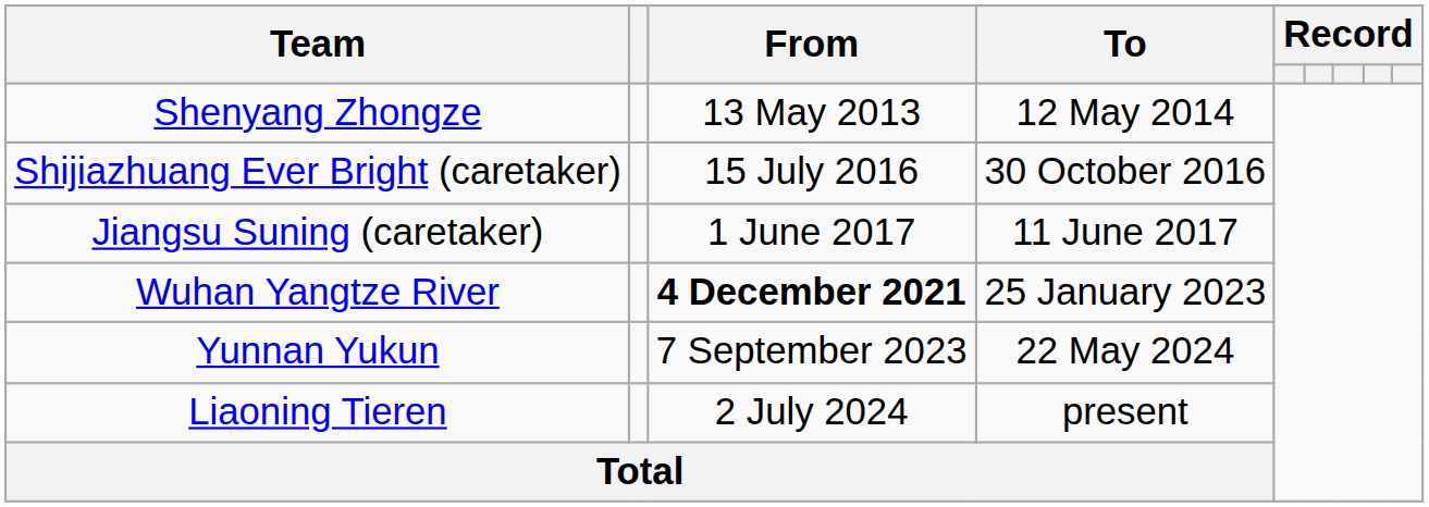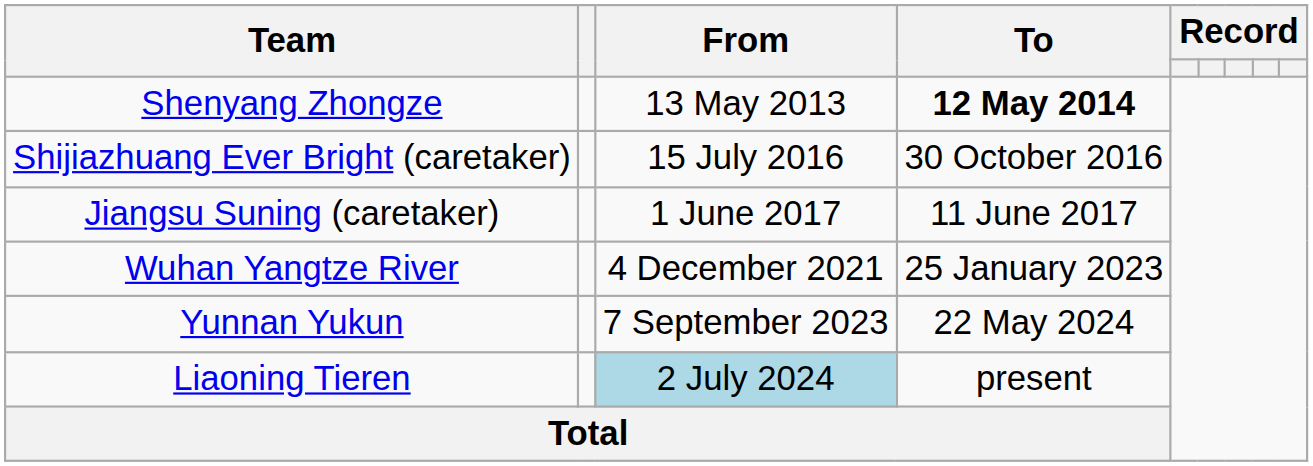 <table class="wikitable" style="text-align: center">
 <tr>
 <th rowspan="2">Team</th>
 <th rowspan="2"></th>
 <th rowspan="2">From</th>
 <th rowspan="2">To</th>
 <th colspan="5">Record</th>
 </tr>
 <tr>
 <th></th>
 <th></th>
 <th></th>
 <th></th>
 <th></th>
 </tr>
 <tr>
 <td><a href='#'>Shenyang Zhongze</a></td>
 <td></td>
 <td>13 May 2013</td>
-<td>12 May 2014<br></td>
+<td><strong>12 May 2014<br></strong></td>
 </tr>
 <tr>
 <td><a href='#'>Shijiazhuang Ever Bright</a> (caretaker)</td>
 <td></td>
 <td>15 July 2016</td>
 <td>30 October 2016<br></td>
 </tr>
 <tr>
 <td><a href='#'>Jiangsu Suning</a> (caretaker)</td>
 <td></td>
 <td>1 June 2017</td>
 <td>11 June 2017<br></td>
 </tr>
 <tr>
 <td><a href='#'>Wuhan Yangtze River</a></td>
 <td></td>
-<td><strong>4 December 2021</strong></td>
+<td>4 December 2021</td>
 <td>25 January 2023<br></td>
 </tr>
 <tr>
 <td><a href='#'>Yunnan Yukun</a></td>
 <td></td>
 <td>7 September 2023</td>
 <td>22 May 2024<br></td>
 </tr>
 <tr>
 <td><a href='#'>Liaoning Tieren</a></td>
 <td></td>
-<td>2 July 2024</td>
+<td style="background: lightblue;">2 July 2024</td>
 <td>present<br></td>
 </tr>
 <tr>
 <th colspan="4">Total<br></th>
 </tr>
 </table>
